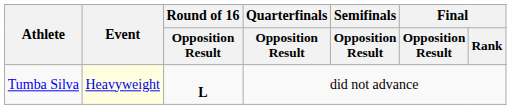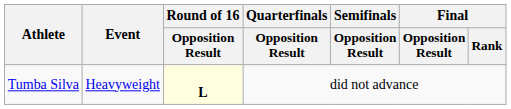 <table class="wikitable" border="1" style="font-size:90%">
 <tr>
 <th rowspan="2">Athlete</th>
 <th rowspan="2">Event</th>
 <th>Round of 16</th>
 <th>Quarterfinals</th>
 <th>Semifinals</th>
 <th colspan=2>Final</th>
 </tr>
 <tr style="font-size:95%">
 <th>Opposition<br>Result</th>
 <th>Opposition<br>Result</th>
 <th>Opposition<br>Result</th>
 <th>Opposition<br>Result</th>
 <th>Rank</th>
 </tr>
 <tr align=center>
 <td align=left><a href='#'>Tumba Silva</a></td>
-<td align=left style="background: lightyellow;"><a href='#'>Heavyweight</a></td>
-<td><br><strong>L</strong> </td>
+<td align=left><a href='#'>Heavyweight</a></td>
+<td style="background: lightyellow;"><br><strong>L</strong> </td>
 <td colspan=4>did not advance</td>
 </tr>
 </table>
